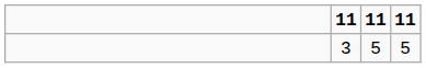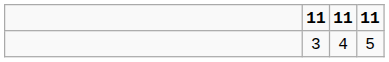 <table class="wikitable">
 <tr>
 <td style="width:18em"></td>
 <td align=center style="width:1em"><strong>11</strong></td>
 <td align=center style="width:1em"><strong>11</strong></td>
 <td align=center style="width:1em"><strong>11</strong></td>
 </tr>
 <tr>
 <td style="width:18em"></td>
 <td align=center style="width:1em">3</td>
-<td align=center style="width:1em">5</td>
+<td align=center style="width:1em">4</td>
 <td align=center style="width:1em">5</td>
 </tr>
 </table>
